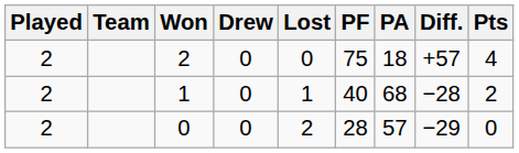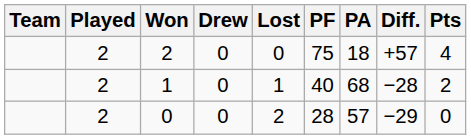 <table class="wikitable" style="text-align:center">
 <tr>
+<th>Team</th>
 <th>Played</th>
-<th>Team</th>
 <th>Won</th>
 <th>Drew</th>
 <th>Lost</th>
 <th>PF</th>
 <th>PA</th>
 <th>Diff.</th>
 <th>Pts</th>
 </tr>
 <tr>
+<td align=left></td>
 <td>2</td>
-<td align=left></td>
 <td>2</td>
 <td>0</td>
 <td>0</td>
 <td>75</td>
 <td>18</td>
 <td>+57</td>
 <td>4</td>
 </tr>
 <tr>
+<td align=left></td>
 <td>2</td>
-<td align=left></td>
 <td>1</td>
 <td>0</td>
 <td>1</td>
 <td>40</td>
 <td>68</td>
 <td>−28</td>
 <td>2</td>
 </tr>
 <tr>
+<td align=left></td>
 <td>2</td>
-<td align=left></td>
 <td>0</td>
 <td>0</td>
 <td>2</td>
 <td>28</td>
 <td>57</td>
 <td>−29</td>
 <td>0</td>
 </tr>
 </table>
